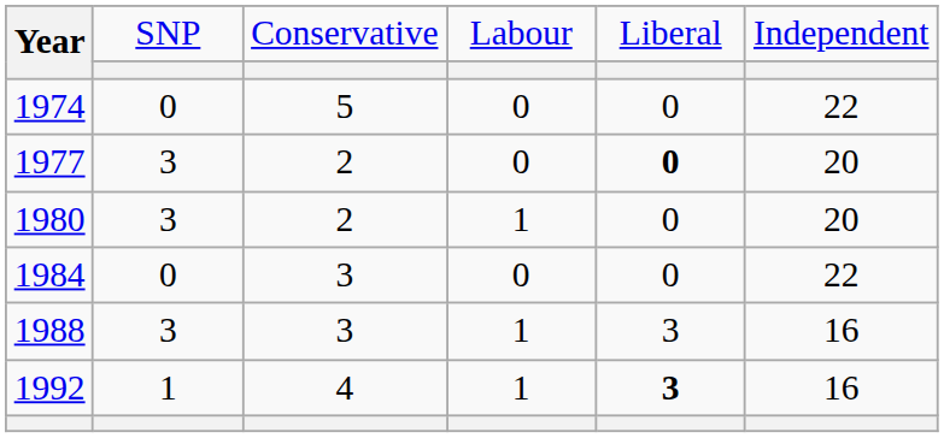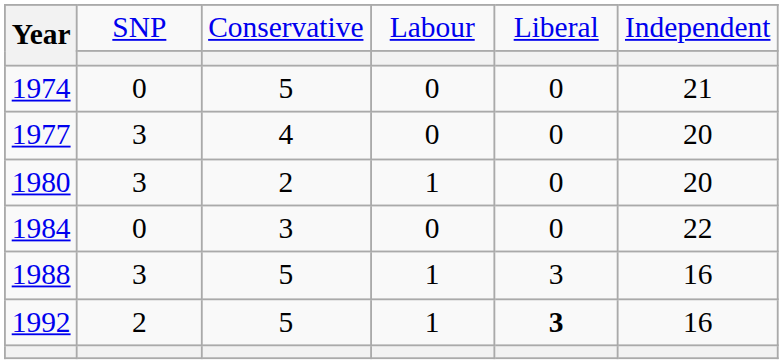 <table class=wikitable style=text-align:center>
 <tr>
 <th rowspan=2>Year</th>
 <td width="60"><a href='#'>SNP</a></td>
 <td width="60"><a href='#'>Conservative</a></td>
 <td width="60"><a href='#'>Labour</a></td>
 <td width="60"><a href='#'>Liberal</a></td>
 <td width="60"><a href='#'>Independent</a></td>
 </tr>
 <tr>
 <th style="background-color: "></th>
 <th style="background-color: "></th>
 <th style="background-color: "></th>
 <th style="background-color: "></th>
 <th style="background-color: "></th>
 </tr>
 <tr>
 <td><a href='#'>1974</a></td>
 <td>0</td>
 <td>5</td>
 <td>0</td>
 <td>0</td>
-<td>22</td>
+<td>21</td>
 </tr>
 <tr>
 <td><a href='#'>1977</a></td>
 <td>3</td>
-<td>2</td>
+<td>4</td>
 <td>0</td>
-<td><strong>0</strong></td>
+<td>0</td>
 <td>20</td>
 </tr>
 <tr>
 <td><a href='#'>1980</a></td>
 <td>3</td>
 <td>2</td>
 <td>1</td>
 <td>0</td>
 <td>20</td>
 </tr>
 <tr>
 <td><a href='#'>1984</a></td>
 <td>0</td>
 <td>3</td>
 <td>0</td>
 <td>0</td>
 <td>22</td>
 </tr>
 <tr>
 <td><a href='#'>1988</a></td>
 <td>3</td>
-<td>3</td>
+<td>5</td>
 <td>1</td>
 <td>3</td>
 <td>16</td>
 </tr>
 <tr>
 <td><a href='#'>1992</a></td>
-<td>1</td>
-<td>4</td>
+<td>2</td>
+<td>5</td>
 <td>1</td>
 <td><strong>3</strong></td>
 <td>16</td>
 </tr>
 <tr>
 <th></th>
 <th style="background-color: "></th>
 <th style="background-color: "></th>
 <th style="background-color: "></th>
 <th style="background-color: "></th>
 <th style="background-color: "></th>
 </tr>
 </table>
